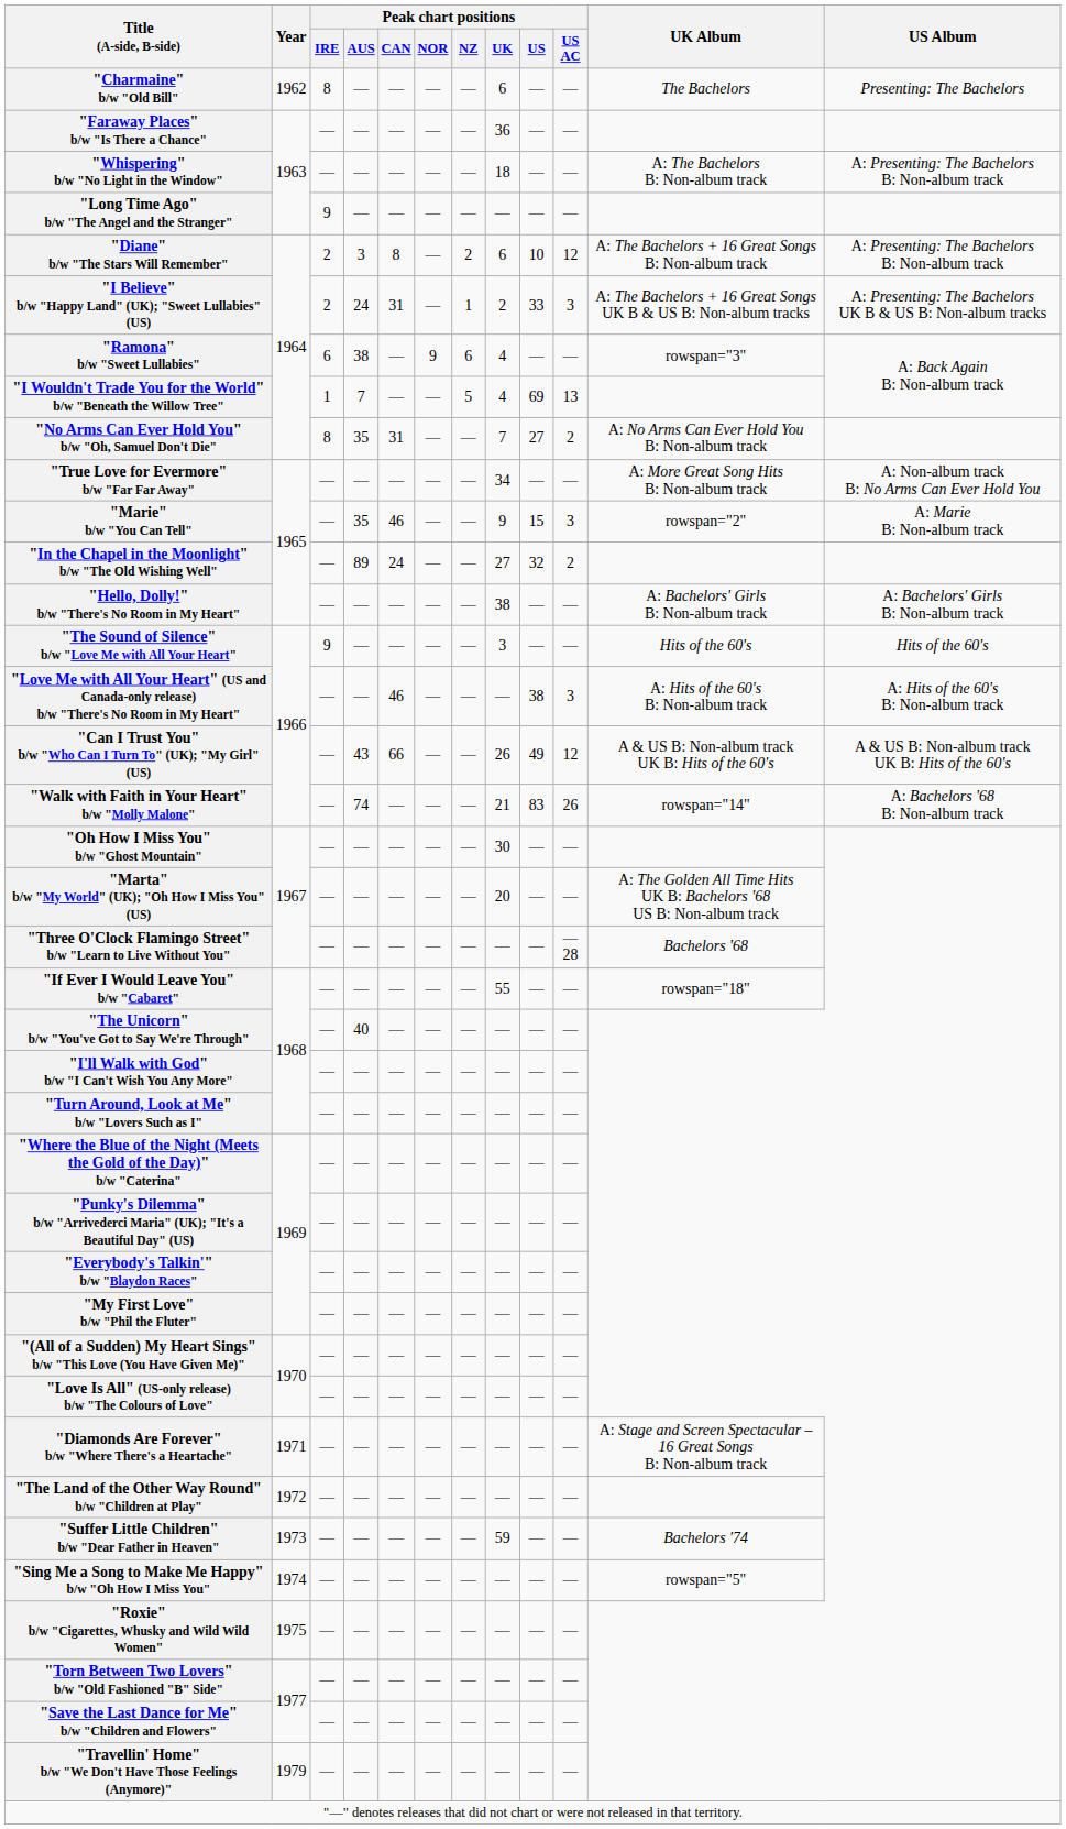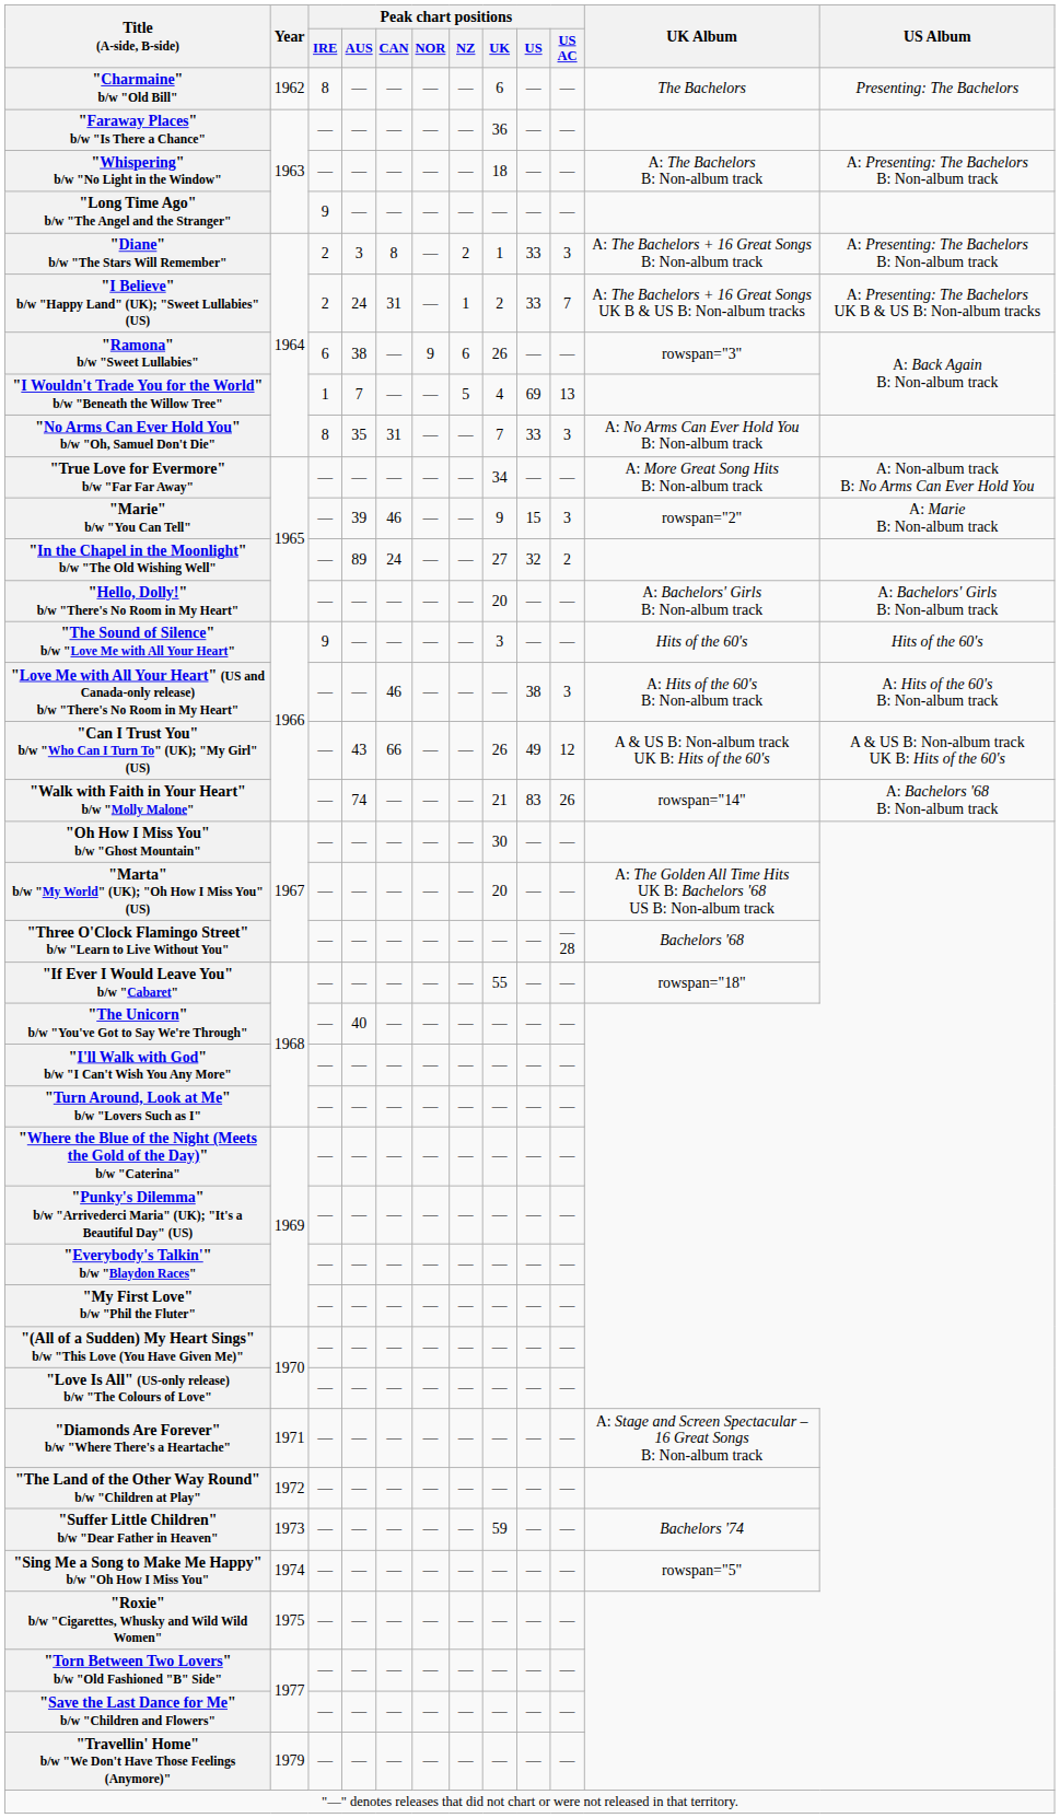 <table class="wikitable plainrowheaders" style="text-align:center;">
 <tr>
 <th rowspan="2" scope="col" style="width:17em;">Title<br><small>(A-side, B-side)</small></th>
 <th rowspan="2" scope="col" style="width:2em;">Year</th>
 <th colspan="8">Peak chart positions</th>
 <th rowspan="2" scope="col" style="width:15em;">UK Album</th>
 <th rowspan="2" scope="col" style="width:15em;">US Album</th>
 </tr>
 <tr>
 <th scope="col" style="width:2em;font-size:90%;"><a href='#'>IRE</a><br></th>
 <th scope="col" style="width:2em;font-size:90%;"><a href='#'>AUS</a><br></th>
 <th scope="col" style="width:2em;font-size:90%;"><a href='#'>CAN</a><br></th>
 <th scope="col" style="width:2em;font-size:90%;"><a href='#'>NOR</a><br></th>
 <th scope="col" style="width:2em;font-size:90%;"><a href='#'>NZ</a><br></th>
 <th scope="col" style="width:2em;font-size:90%;"><a href='#'>UK</a><br></th>
 <th scope="col" style="width:2em;font-size:90%;"><a href='#'>US</a><br></th>
 <th scope="col" style="width:2em;font-size:90%;"><a href='#'>US AC</a><br></th>
 </tr>
 <tr>
 <th scope="row">"<a href='#'>Charmaine</a>"<br><small>b/w "Old Bill"</small></th>
 <td>1962</td>
 <td>8</td>
 <td>—</td>
 <td>—</td>
 <td>—</td>
 <td>—</td>
 <td>6</td>
 <td>—</td>
 <td>—</td>
 <td><em>The Bachelors</em></td>
 <td><em>Presenting: The Bachelors</em></td>
 </tr>
 <tr>
 <th scope="row">"<a href='#'>Faraway Places</a>"<br><small>b/w "Is There a Chance"</small></th>
 <td rowspan="3">1963</td>
 <td>—</td>
 <td>—</td>
 <td>—</td>
 <td>—</td>
 <td>—</td>
 <td>36</td>
 <td>—</td>
 <td>—</td>
 <td></td>
 <td></td>
 </tr>
 <tr>
 <th scope="row">"<a href='#'>Whispering</a>"<br><small>b/w "No Light in the Window"</small></th>
 <td>—</td>
 <td>—</td>
 <td>—</td>
 <td>—</td>
 <td>—</td>
 <td>18</td>
 <td>—</td>
 <td>—</td>
 <td>A: <em>The Bachelors</em><br>B: Non-album track</td>
 <td>A: <em>Presenting:</em> <em>The Bachelors</em><br>B: Non-album track</td>
 </tr>
 <tr>
 <th scope="row">"Long Time Ago"<br><small>b/w "The Angel and the Stranger"</small></th>
 <td>9</td>
 <td>—</td>
 <td>—</td>
 <td>—</td>
 <td>—</td>
 <td>—</td>
 <td>—</td>
 <td>—</td>
 <td></td>
 <td></td>
 </tr>
 <tr>
 <th scope="row">"<a href='#'>Diane</a>"<br><small>b/w "The Stars Will Remember"</small></th>
 <td rowspan="5">1964</td>
 <td>2</td>
 <td>3</td>
 <td>8</td>
 <td>—</td>
 <td>2</td>
-<td>6</td>
-<td>10</td>
-<td>12</td>
+<td>1</td>
+<td>33</td>
+<td>3</td>
 <td>A: <em>The Bachelors + 16 Great Songs</em><br>B: Non-album track</td>
 <td>A: <em>Presenting:</em> <em>The Bachelors</em><br>B: Non-album track</td>
 </tr>
 <tr>
 <th scope="row">"<a href='#'>I Believe</a>"<br><small>b/w "Happy Land" (UK); "Sweet Lullabies" (US)</small></th>
 <td>2</td>
 <td>24</td>
 <td>31</td>
 <td>—</td>
 <td>1</td>
 <td>2</td>
 <td>33</td>
-<td>3</td>
+<td>7</td>
 <td>A: <em>The Bachelors + 16 Great Songs</em><br>UK B & US B: Non-album tracks</td>
 <td>A: <em>Presenting:</em> <em>The Bachelors</em><br>UK B & US B: Non-album tracks</td>
 </tr>
 <tr>
 <th scope="row">"<a href='#'>Ramona</a>"<br><small>b/w "Sweet Lullabies"</small></th>
 <td>6</td>
 <td>38</td>
 <td>—</td>
 <td>9</td>
 <td>6</td>
-<td>4</td>
+<td>26</td>
 <td>—</td>
 <td>—</td>
 <td>rowspan="3" </td>
 <td rowspan="2">A: <em>Back Again</em><br>B: Non-album track</td>
 </tr>
 <tr>
 <th scope="row">"<a href='#'>I Wouldn't Trade You for the World</a>"<br><small>b/w "Beneath the Willow Tree"</small></th>
 <td>1</td>
 <td>7</td>
 <td>—</td>
 <td>—</td>
 <td>5</td>
 <td>4</td>
 <td>69</td>
 <td>13</td>
 </tr>
 <tr>
 <th scope="row">"<a href='#'>No Arms Can Ever Hold You</a>"<br><small>b/w "Oh, Samuel Don't Die"</small></th>
 <td>8</td>
 <td>35</td>
 <td>31</td>
 <td>—</td>
 <td>—</td>
 <td>7</td>
-<td>27</td>
-<td>2</td>
+<td>33</td>
+<td>3</td>
 <td>A: <em>No Arms Can Ever Hold You</em><br>B: Non-album track</td>
 </tr>
 <tr>
 <th scope="row">"True Love for Evermore"<br><small>b/w "Far Far Away"</small></th>
 <td rowspan="4">1965</td>
 <td>—</td>
 <td>—</td>
 <td>—</td>
 <td>—</td>
 <td>—</td>
 <td>34</td>
 <td>—</td>
 <td>—</td>
 <td>A: <em>More Great Song Hits</em><br>B: Non-album track</td>
 <td>A: Non-album track<br>B: <em>No Arms Can Ever Hold You</em></td>
 </tr>
 <tr>
 <th scope="row">"Marie"<br><small>b/w "You Can Tell"</small></th>
 <td>—</td>
-<td>35</td>
+<td>39</td>
 <td>46</td>
 <td>—</td>
 <td>—</td>
 <td>9</td>
 <td>15</td>
 <td>3</td>
 <td>rowspan="2" </td>
 <td>A: <em>Marie</em><br>B: Non-album track</td>
 </tr>
 <tr>
 <th scope="row">"<a href='#'>In the Chapel in the Moonlight</a>"<br><small>b/w "The Old Wishing Well"</small></th>
 <td>—</td>
 <td>89</td>
 <td>24</td>
 <td>—</td>
 <td>—</td>
 <td>27</td>
 <td>32</td>
 <td>2</td>
 <td></td>
 </tr>
 <tr>
 <th scope="row">"<a href='#'>Hello, Dolly!</a>"<br><small>b/w "There's No Room in My Heart"</small></th>
 <td>—</td>
 <td>—</td>
 <td>—</td>
 <td>—</td>
 <td>—</td>
-<td>38</td>
+<td>20</td>
 <td>—</td>
 <td>—</td>
 <td>A: <em>Bachelors' Girls</em><br>B: Non-album track</td>
 <td>A: <em>Bachelors' Girls</em><br>B: Non-album track</td>
 </tr>
 <tr>
 <th scope="row">"<a href='#'>The Sound of Silence</a>"<br><small>b/w "<a href='#'>Love Me with All Your Heart</a>"</small></th>
 <td rowspan="4">1966</td>
 <td>9</td>
 <td>—</td>
 <td>—</td>
 <td>—</td>
 <td>—</td>
 <td>3</td>
 <td>—</td>
 <td>—</td>
 <td><em>Hits of the 60's</em></td>
 <td><em>Hits of the 60's</em></td>
 </tr>
 <tr>
 <th scope="row">"<a href='#'>Love Me with All Your Heart</a>" <small>(US and Canada-only release)</small><br><small>b/w "There's No Room in My Heart"</small></th>
 <td>—</td>
 <td>—</td>
 <td>46</td>
 <td>—</td>
 <td>—</td>
 <td>—</td>
 <td>38</td>
 <td>3</td>
 <td>A: <em>Hits of the 60's</em><br>B: Non-album track</td>
 <td>A: <em>Hits of the 60's</em><br>B: Non-album track</td>
 </tr>
 <tr>
 <th scope="row">"Can I Trust You"<br><small>b/w "<a href='#'>Who Can I Turn To</a>" (UK); "My Girl" (US)</small></th>
 <td>—</td>
 <td>43</td>
 <td>66</td>
 <td>—</td>
 <td>—</td>
 <td>26</td>
 <td>49</td>
 <td>12</td>
 <td>A & US B: Non-album track<br>UK B: <em>Hits of the 60's</em></td>
 <td>A & US B: Non-album track<br>UK B: <em>Hits of the 60's</em></td>
 </tr>
 <tr>
 <th scope="row">"Walk with Faith in Your Heart"<br><small>b/w "<a href='#'>Molly Malone</a>"</small></th>
 <td>—</td>
 <td>74</td>
 <td>—</td>
 <td>—</td>
 <td>—</td>
 <td>21</td>
 <td>83</td>
 <td>26</td>
 <td>rowspan="14" </td>
 <td>A: <em>Bachelors '68</em><br>B: Non-album track</td>
 </tr>
 <tr>
 <th scope="row">"Oh How I Miss You"<br><small>b/w "Ghost Mountain"</small></th>
 <td rowspan="3">1967</td>
 <td>—</td>
 <td>—</td>
 <td>—</td>
 <td>—</td>
 <td>—</td>
 <td>30</td>
 <td>—</td>
 <td>—</td>
 <td></td>
 </tr>
 <tr>
 <th scope="row">"Marta"<br><small>b/w "<a href='#'>My World</a>" (UK); "Oh How I Miss You" (US)</small></th>
 <td>—</td>
 <td>—</td>
 <td>—</td>
 <td>—</td>
 <td>—</td>
 <td>20</td>
 <td>—</td>
 <td>—</td>
 <td>A: <em>The Golden All Time Hits</em><br>UK B: <em>Bachelors '68</em><br>US B: Non-album track</td>
 </tr>
 <tr>
 <th scope="row">"Three O'Clock Flamingo Street"<br><small>b/w "Learn to Live Without You"</small></th>
 <td>—</td>
 <td>—</td>
 <td>—</td>
 <td>—</td>
 <td>—</td>
 <td>—</td>
 <td>—</td>
 <td>—<br>28</td>
 <td><em>Bachelors '68</em></td>
 </tr>
 <tr>
 <th scope="row">"If Ever I Would Leave You"<br><small>b/w "<a href='#'>Cabaret</a>"</small></th>
 <td rowspan="4">1968</td>
 <td>—</td>
 <td>—</td>
 <td>—</td>
 <td>—</td>
 <td>—</td>
 <td>55</td>
 <td>—</td>
 <td>—</td>
 <td>rowspan="18" </td>
 </tr>
 <tr>
 <th scope="row">"<a href='#'>The Unicorn</a>"<br><small>b/w "You've Got to Say We're Through"</small></th>
 <td>—</td>
 <td>40</td>
 <td>—</td>
 <td>—</td>
 <td>—</td>
 <td>—</td>
 <td>—</td>
 <td>—</td>
 </tr>
 <tr>
 <th scope="row">"<a href='#'>I'll Walk with God</a>"<br><small>b/w "I Can't Wish You Any More"</small></th>
 <td>—</td>
 <td>—</td>
 <td>—</td>
 <td>—</td>
 <td>—</td>
 <td>—</td>
 <td>—</td>
 <td>—</td>
 </tr>
 <tr>
 <th scope="row">"<a href='#'>Turn Around, Look at Me</a>"<br><small>b/w "Lovers Such as I"</small></th>
 <td>—</td>
 <td>—</td>
 <td>—</td>
 <td>—</td>
 <td>—</td>
 <td>—</td>
 <td>—</td>
 <td>—</td>
 </tr>
 <tr>
 <th scope="row">"<a href='#'>Where the Blue of the Night (Meets the Gold of the Day)</a>"<br><small>b/w "Caterina"</small></th>
 <td rowspan="4">1969</td>
 <td>—</td>
 <td>—</td>
 <td>—</td>
 <td>—</td>
 <td>—</td>
 <td>—</td>
 <td>—</td>
 <td>—</td>
 </tr>
 <tr>
 <th scope="row">"<a href='#'>Punky's Dilemma</a>"<br><small>b/w "Arrivederci Maria" (UK); "It's a Beautiful Day" (US)</small></th>
 <td>—</td>
 <td>—</td>
 <td>—</td>
 <td>—</td>
 <td>—</td>
 <td>—</td>
 <td>—</td>
 <td>—</td>
 </tr>
 <tr>
 <th scope="row">"<a href='#'>Everybody's Talkin'</a>"<br><small>b/w "<a href='#'>Blaydon Races</a>"</small></th>
 <td>—</td>
 <td>—</td>
 <td>—</td>
 <td>—</td>
 <td>—</td>
 <td>—</td>
 <td>—</td>
 <td>—</td>
 </tr>
 <tr>
 <th scope="row">"My First Love"<br><small>b/w "Phil the Fluter"</small></th>
 <td>—</td>
 <td>—</td>
 <td>—</td>
 <td>—</td>
 <td>—</td>
 <td>—</td>
 <td>—</td>
 <td>—</td>
 </tr>
 <tr>
 <th scope="row">"(All of a Sudden) My Heart Sings"<br><small>b/w "This Love (You Have Given Me)"</small></th>
 <td rowspan="2">1970</td>
 <td>—</td>
 <td>—</td>
 <td>—</td>
 <td>—</td>
 <td>—</td>
 <td>—</td>
 <td>—</td>
 <td>—</td>
 </tr>
 <tr>
 <th scope="row">"Love Is All" <small>(US-only release)</small><br><small>b/w "The Colours of Love"</small></th>
 <td>—</td>
 <td>—</td>
 <td>—</td>
 <td>—</td>
 <td>—</td>
 <td>—</td>
 <td>—</td>
 <td>—</td>
 </tr>
 <tr>
 <th scope="row">"Diamonds Are Forever"<br><small>b/w "Where There's a Heartache"</small></th>
 <td>1971</td>
 <td>—</td>
 <td>—</td>
 <td>—</td>
 <td>—</td>
 <td>—</td>
 <td>—</td>
 <td>—</td>
 <td>—</td>
 <td>A: <em>Stage and Screen Spectacular – 16 Great Songs</em><br>B: Non-album track</td>
 </tr>
 <tr>
 <th scope="row">"The Land of the Other Way Round"<br><small>b/w "Children at Play"</small></th>
 <td>1972</td>
 <td>—</td>
 <td>—</td>
 <td>—</td>
 <td>—</td>
 <td>—</td>
 <td>—</td>
 <td>—</td>
 <td>—</td>
 <td></td>
 </tr>
 <tr>
 <th scope="row">"Suffer Little Children"<br><small>b/w "Dear Father in Heaven"</small></th>
 <td>1973</td>
 <td>—</td>
 <td>—</td>
 <td>—</td>
 <td>—</td>
 <td>—</td>
 <td>59</td>
 <td>—</td>
 <td>—</td>
 <td><em>Bachelors '74</em></td>
 </tr>
 <tr>
 <th scope="row">"Sing Me a Song to Make Me Happy"<br><small>b/w "Oh How I Miss You"</small></th>
 <td>1974</td>
 <td>—</td>
 <td>—</td>
 <td>—</td>
 <td>—</td>
 <td>—</td>
 <td>—</td>
 <td>—</td>
 <td>—</td>
 <td>rowspan="5" </td>
 </tr>
 <tr>
 <th scope="row">"Roxie"<br><small>b/w "Cigarettes, Whusky and Wild Wild Women"</small></th>
 <td>1975</td>
 <td>—</td>
 <td>—</td>
 <td>—</td>
 <td>—</td>
 <td>—</td>
 <td>—</td>
 <td>—</td>
 <td>—</td>
 </tr>
 <tr>
 <th scope="row">"<a href='#'>Torn Between Two Lovers</a>"<br><small>b/w "Old Fashioned "B" Side"</small></th>
 <td rowspan="2">1977</td>
 <td>—</td>
 <td>—</td>
 <td>—</td>
 <td>—</td>
 <td>—</td>
 <td>—</td>
 <td>—</td>
 <td>—</td>
 </tr>
 <tr>
 <th scope="row">"<a href='#'>Save the Last Dance for Me</a>"<br><small>b/w "Children and Flowers"</small></th>
 <td>—</td>
 <td>—</td>
 <td>—</td>
 <td>—</td>
 <td>—</td>
 <td>—</td>
 <td>—</td>
 <td>—</td>
 </tr>
 <tr>
 <th scope="row">"Travellin' Home"<br><small>b/w "We Don't Have Those Feelings (Anymore)"</small></th>
 <td>1979</td>
 <td>—</td>
 <td>—</td>
 <td>—</td>
 <td>—</td>
 <td>—</td>
 <td>—</td>
 <td>—</td>
 <td>—</td>
 </tr>
 <tr>
 <td colspan="12" style="font-size:90%">"—" denotes releases that did not chart or were not released in that territory.</td>
 </tr>
 </table>
